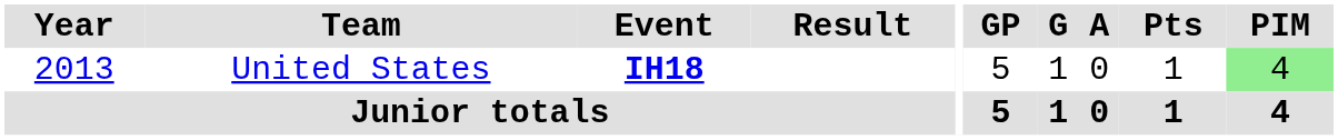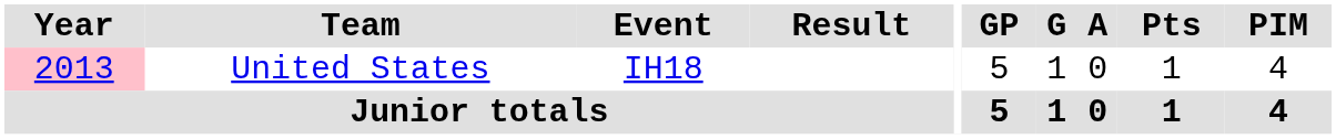 <table border="0" cellpadding="1" cellspacing="0" ID="Table3" style="text-align:center; width:40em">
 <tr bgcolor="#e0e0e0">
 <th>Year</th>
 <th>Team</th>
 <th>Event</th>
 <th>Result</th>
 <th rowspan="99" bgcolor="#ffffff"></th>
 <th>GP</th>
 <th>G</th>
 <th>A</th>
 <th>Pts</th>
 <th>PIM</th>
 </tr>
 <tr>
-<td><a href='#'>2013</a></td>
+<td style="background: pink;"><a href='#'>2013</a></td>
 <td><a href='#'>United States</a></td>
-<td><strong><a href='#'>IH18</a></strong></td>
+<td><a href='#'>IH18</a></td>
 <td></td>
 <td>5</td>
 <td>1</td>
 <td>0</td>
 <td>1</td>
-<td style="background: lightgreen;">4</td>
+<td>4</td>
 </tr>
 <tr bgcolor="#e0e0e0">
 <th colspan="4">Junior totals</th>
 <th>5</th>
 <th>1</th>
 <th>0</th>
 <th>1</th>
 <th>4</th>
 </tr>
 </table>
